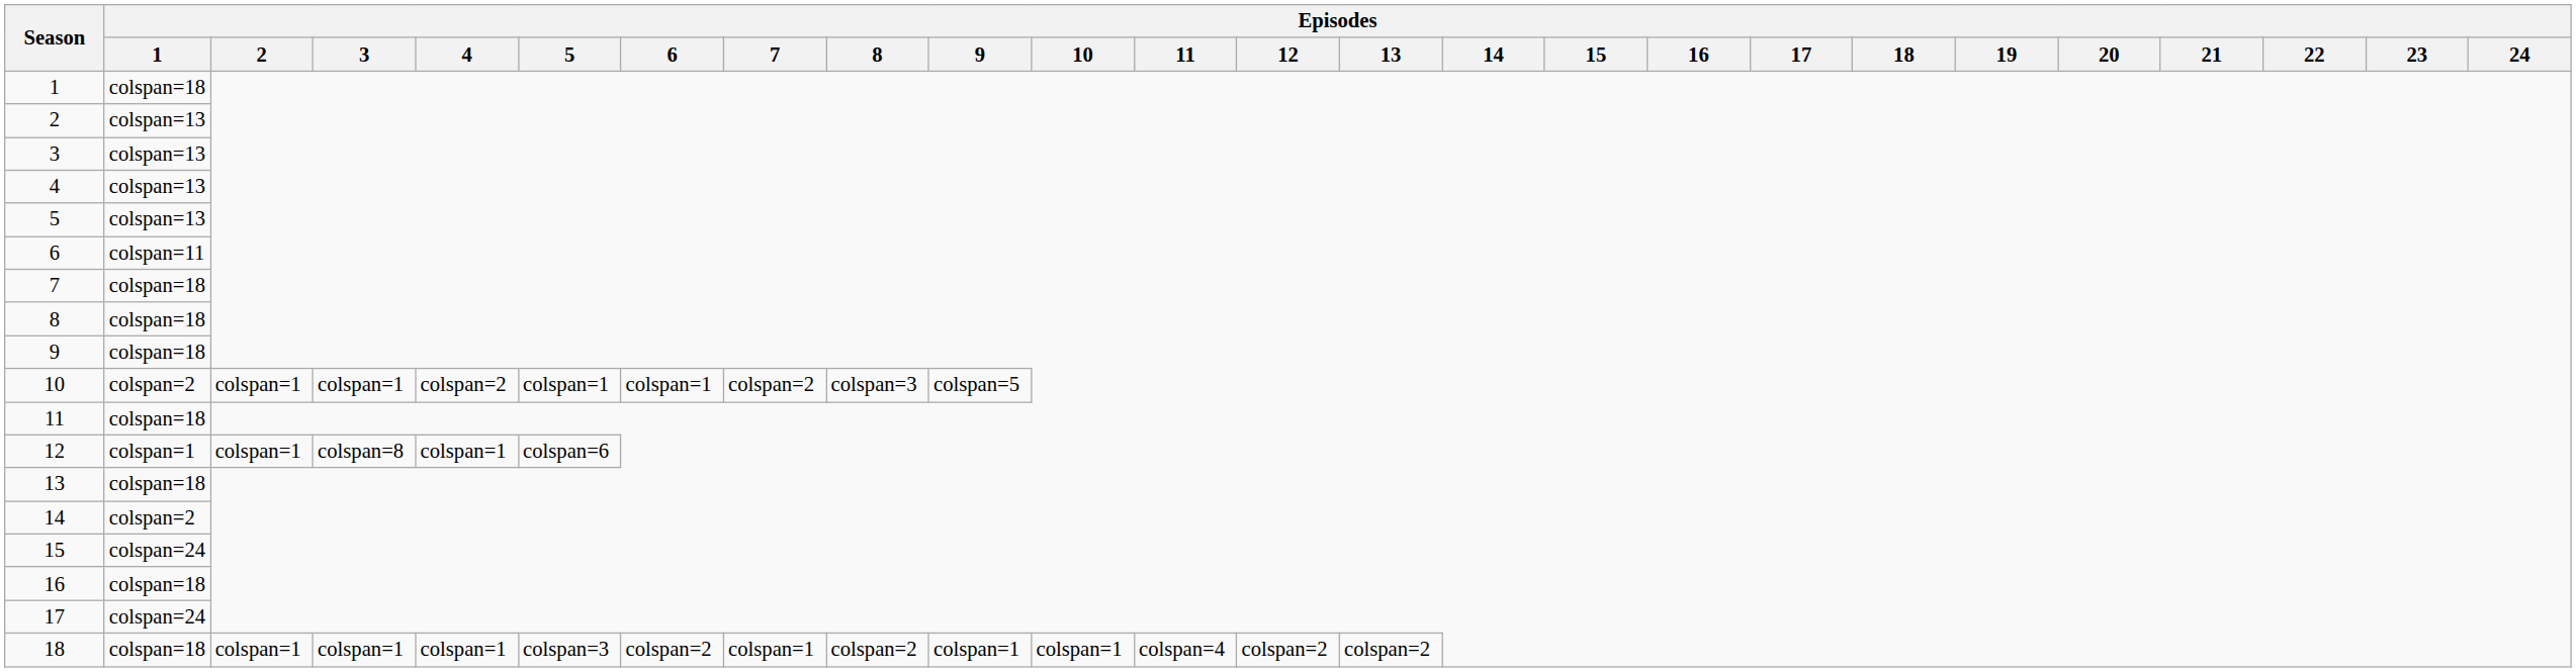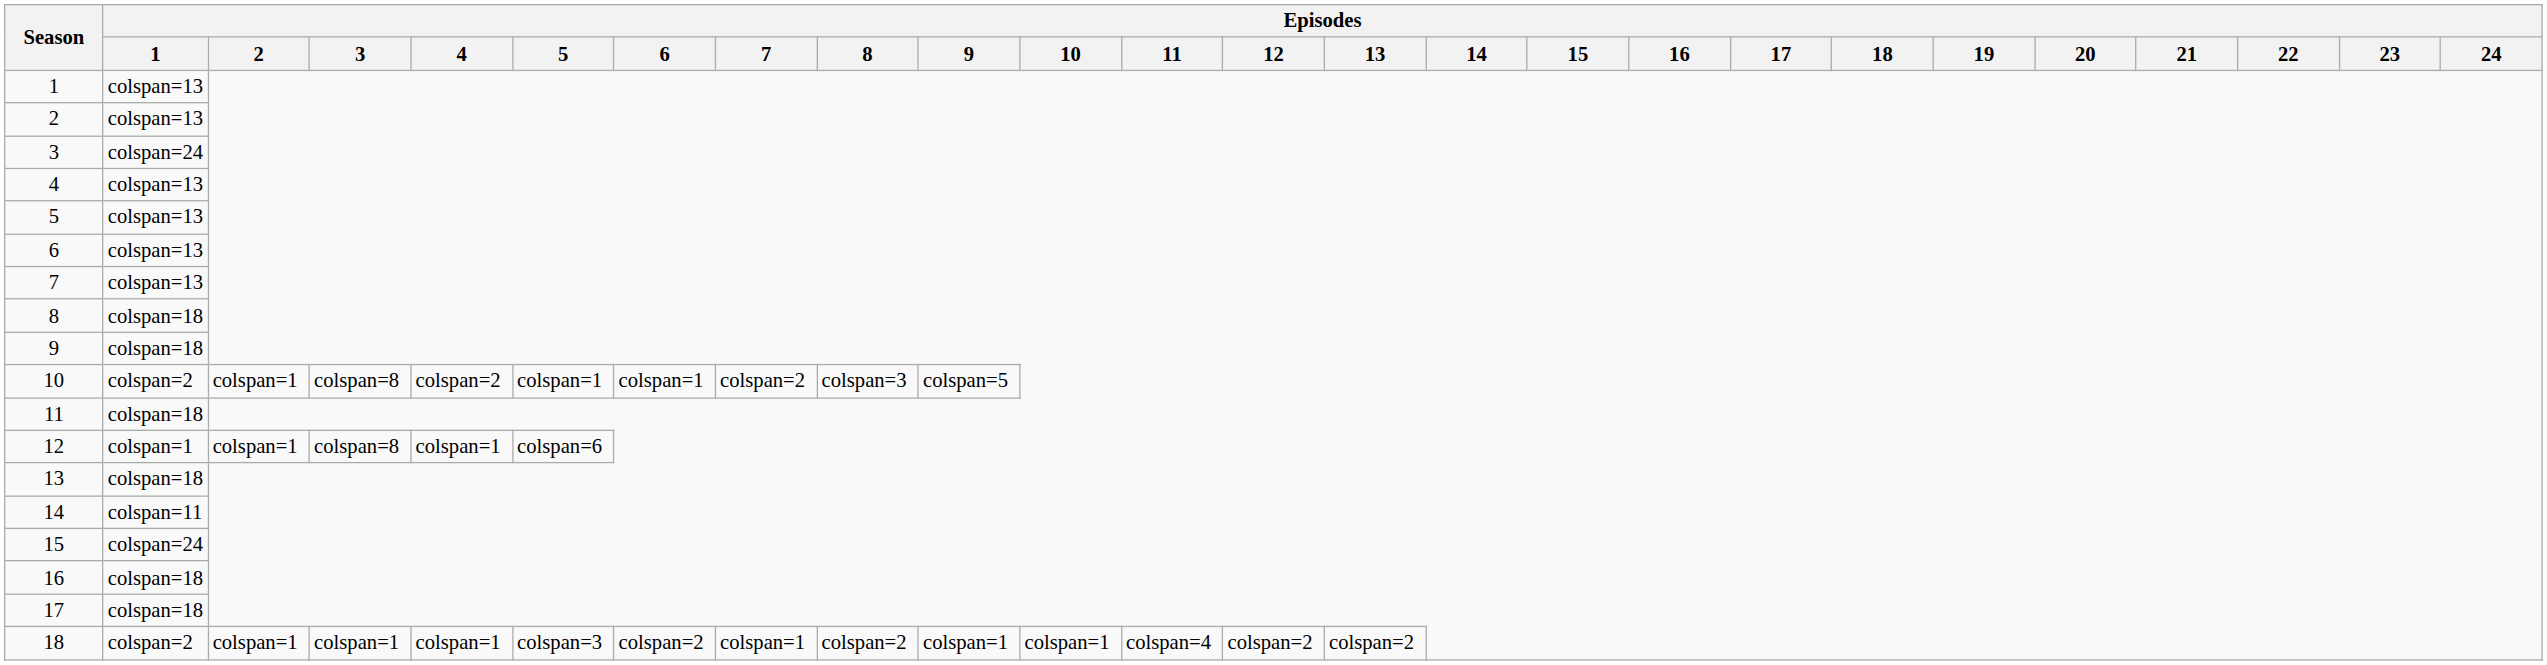 <table class="wikitable">
 <tr>
 <th rowspan=2>Season</th>
 <th colspan=24>Episodes</th>
 </tr>
 <tr>
 <th style="width:4%;">1</th>
 <th style="width:4%;">2</th>
 <th style="width:4%;">3</th>
 <th style="width:4%;">4</th>
 <th style="width:4%;">5</th>
 <th style="width:4%;">6</th>
 <th style="width:4%;">7</th>
 <th style="width:4%;">8</th>
 <th style="width:4%;">9</th>
 <th style="width:4%;">10</th>
 <th style="width:4%;">11</th>
 <th style="width:4%;">12</th>
 <th style="width:4%;">13</th>
 <th style="width:4%;">14</th>
 <th style="width:4%;">15</th>
 <th style="width:4%;">16</th>
 <th style="width:4%;">17</th>
 <th style="width:4%;">18</th>
 <th style="width:4%;">19</th>
 <th style="width:4%;">20</th>
 <th style="width:4%;">21</th>
 <th style="width:4%;">22</th>
 <th style="width:4%;">23</th>
 <th style="width:4%;">24</th>
 </tr>
 <tr>
 <td style="text-align:center;">1</td>
-<td>colspan=18 </td>
+<td>colspan=13 </td>
 </tr>
 <tr>
 <td style="text-align:center;">2</td>
 <td>colspan=13 </td>
 </tr>
 <tr>
 <td style="text-align:center;">3</td>
-<td>colspan=13 </td>
+<td>colspan=24 </td>
 </tr>
 <tr>
 <td style="text-align:center;">4</td>
 <td>colspan=13 </td>
 </tr>
 <tr>
 <td style="text-align:center;">5</td>
 <td>colspan=13 </td>
 </tr>
 <tr>
 <td style="text-align:center;">6</td>
-<td>colspan=11 </td>
+<td>colspan=13 </td>
 </tr>
 <tr>
 <td style="text-align:center;">7</td>
-<td>colspan=18 </td>
+<td>colspan=13 </td>
 </tr>
 <tr>
 <td style="text-align:center;">8</td>
 <td>colspan=18 </td>
 </tr>
 <tr>
 <td style="text-align:center;">9</td>
 <td>colspan=18 </td>
 </tr>
 <tr>
 <td style="text-align:center;">10</td>
 <td>colspan=2 </td>
 <td>colspan=1 </td>
-<td>colspan=1 </td>
+<td>colspan=8 </td>
 <td>colspan=2 </td>
 <td>colspan=1 </td>
 <td>colspan=1 </td>
 <td>colspan=2 </td>
 <td>colspan=3 </td>
 <td>colspan=5 </td>
 </tr>
 <tr>
 <td style="text-align:center;">11</td>
 <td>colspan=18 </td>
 </tr>
 <tr>
 <td style="text-align:center;">12</td>
 <td>colspan=1 </td>
 <td>colspan=1 </td>
 <td>colspan=8 </td>
 <td>colspan=1 </td>
 <td>colspan=6 </td>
 </tr>
 <tr>
 <td style="text-align:center;">13</td>
 <td>colspan=18 </td>
 </tr>
 <tr>
 <td style="text-align:center;">14</td>
-<td>colspan=2 </td>
+<td>colspan=11 </td>
 </tr>
 <tr>
 <td style="text-align:center;">15</td>
 <td>colspan=24 </td>
 </tr>
 <tr>
 <td style="text-align:center;">16</td>
 <td>colspan=18 </td>
 </tr>
 <tr>
 <td style="text-align:center;">17</td>
-<td>colspan=24 </td>
+<td>colspan=18 </td>
 </tr>
 <tr>
 <td style="text-align:center;">18</td>
-<td>colspan=18 </td>
+<td>colspan=2 </td>
 <td>colspan=1 </td>
 <td>colspan=1 </td>
 <td>colspan=1 </td>
 <td>colspan=3 </td>
 <td>colspan=2 </td>
 <td>colspan=1 </td>
 <td>colspan=2 </td>
 <td>colspan=1 </td>
 <td>colspan=1 </td>
 <td>colspan=4 </td>
 <td>colspan=2 </td>
 <td>colspan=2 </td>
 </tr>
 </table>
